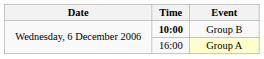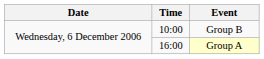 <table class = "wikitable" style="text-align:center;">
 <tr>
 <th width=220>Date</th>
 <th width=50>Time</th>
 <th width=100>Event</th>
 </tr>
 <tr>
 <td rowspan=2>Wednesday, 6 December 2006</td>
-<td><strong>10:00</strong></td>
+<td>10:00</td>
 <td>Group B</td>
 </tr>
 <tr>
 <td>16:00</td>
 <td bgcolor=ffffcc>Group A</td>
 </tr>
 </table>
